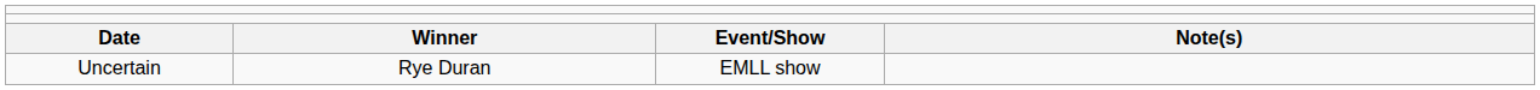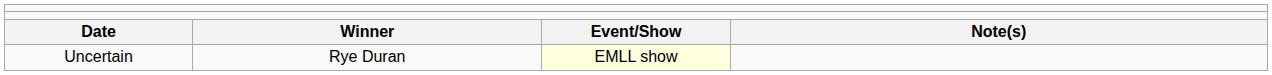 <table class="wikitable" style="text-align:center; width:100%;">
 <tr>
 <td colspan=5></td>
 </tr>
 <tr>
 <td colspan=5><strong></strong></td>
 </tr>
 <tr>
 <th width=14%>Date</th>
 <th width=26%>Winner</th>
 <th width=14%>Event/Show</th>
 <th width=40%>Note(s)</th>
 </tr>
 <tr>
 <td>Uncertain</td>
 <td>Rye Duran</td>
-<td>EMLL show</td>
+<td style="background: lightyellow;">EMLL show</td>
 <td align=left></td>
 </tr>
 </table>
